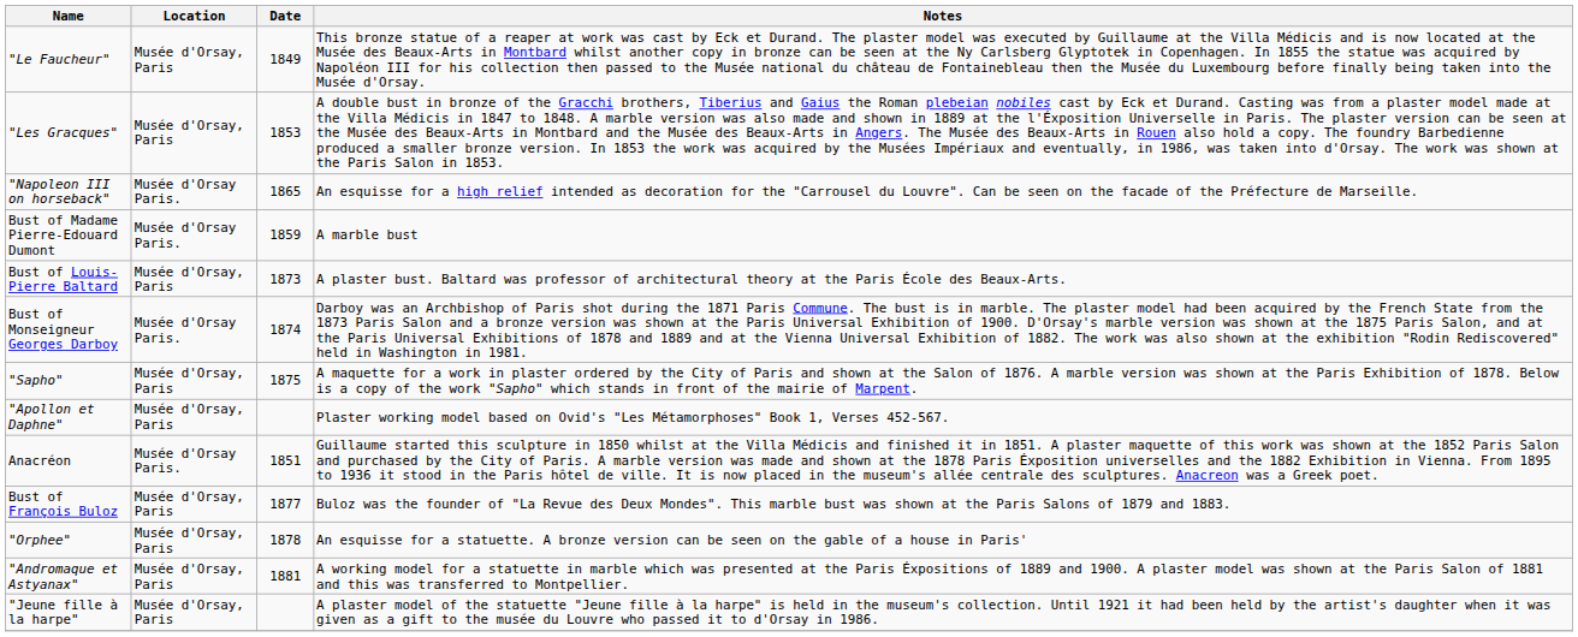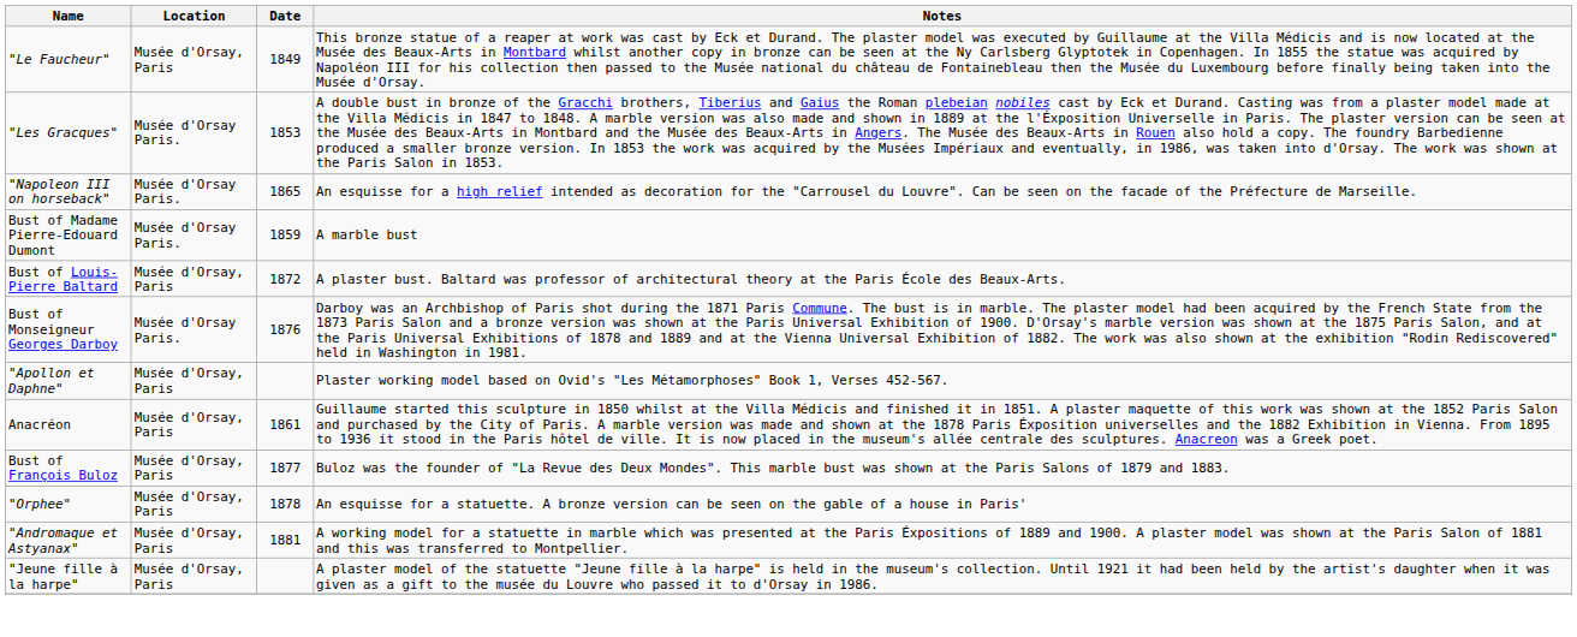 <table class="wikitable sortable plainrowheaders">
 <tr>
 <th style="width:120px">Name</th>
 <th style="width:120px">Location</th>
 <th style="width:50px">Date</th>
 <th class="unsortable">Notes</th>
 </tr>
 <tr>
 <td><em>"Le Faucheur"</em></td>
 <td>Musée d'Orsay, Paris</td>
 <td align="center">1849</td>
 <td>This bronze statue of a reaper at work was cast by Eck et Durand. The plaster model was executed by Guillaume at the Villa Médicis and is now located at the Musée des Beaux-Arts in <a href='#'>Montbard</a> whilst another copy in bronze can be seen at the Ny Carlsberg Glyptotek in Copenhagen. In 1855 the statue was acquired by Napoléon III for his collection then passed to the Musée national du château de Fontainebleau then the Musée du Luxembourg before finally being taken into the Musée d'Orsay.<br> </td>
 </tr>
 <tr>
 <td><em>"Les Gracques"</em></td>
-<td>Musée d'Orsay, Paris</td>
+<td>Musée d'Orsay Paris.</td>
 <td align="center">1853</td>
 <td>A double bust in bronze  of the <a href='#'>Gracchi</a> brothers, <a href='#'>Tiberius</a> and <a href='#'>Gaius</a> the Roman <a href='#'>plebeian</a> <em><a href='#'>nobiles</a></em> cast by Eck et Durand. Casting was from a plaster model made at the Villa Médicis in 1847 to 1848. A marble version was also made and shown in 1889 at the l'Éxposition Universelle in Paris. The plaster version can be seen at the Musée des Beaux-Arts in Montbard and the Musée des Beaux-Arts in <a href='#'>Angers</a>. The Musée des Beaux-Arts in <a href='#'>Rouen</a> also hold a copy. The foundry Barbedienne produced a smaller bronze version. In 1853 the work was acquired by the Musées Impériaux and eventually, in 1986, was taken into d'Orsay. The work was shown at the Paris Salon in 1853.<br> </td>
 </tr>
 <tr>
 <td><em>"Napoleon III on horseback"</em></td>
 <td>Musée d'Orsay Paris.</td>
 <td align="center">1865</td>
 <td>An esquisse for a <a href='#'>high relief</a> intended as decoration for the "Carrousel du Louvre". Can be seen on the facade of the Préfecture de Marseille.<br></td>
 </tr>
 <tr>
 <td>Bust of Madame Pierre-Edouard Dumont</td>
 <td>Musée d'Orsay Paris.</td>
 <td align="center">1859</td>
 <td>A marble bust</td>
 </tr>
 <tr>
 <td>Bust of <a href='#'>Louis-Pierre Baltard</a></td>
 <td>Musée d'Orsay, Paris</td>
-<td align="center">1873</td>
+<td align="center">1872</td>
 <td>A plaster bust. Baltard was professor of architectural theory at the Paris École des Beaux-Arts.</td>
 </tr>
 <tr>
 <td>Bust of Monseigneur <a href='#'>Georges Darboy</a></td>
 <td>Musée d'Orsay Paris.</td>
-<td align="center">1874</td>
+<td align="center">1876</td>
 <td>Darboy was an Archbishop of Paris shot during the 1871 Paris <a href='#'>Commune</a>. The bust is in marble. The plaster model had been acquired by the French State from the 1873 Paris Salon and a bronze version was shown at the Paris Universal Exhibition of 1900. D'Orsay's marble version was shown at the 1875 Paris Salon, and at the Paris Universal Exhibitions of 1878 and 1889 and at the Vienna Universal Exhibition of 1882. The work was also shown at the exhibition "Rodin Rediscovered" held in Washington in 1981.<br></td>
-</tr>
-<tr>
-<td><em>"Sapho"</em></td>
-<td>Musée d'Orsay, Paris</td>
-<td align="center">1875</td>
-<td>A maquette for a work in plaster ordered by the City of Paris and shown at the Salon of 1876. A marble version was shown at the Paris Exhibition of 1878. Below is a copy of the work <em>"Sapho"</em> which stands in front of the mairie of <a href='#'>Marpent</a>.<br> </td>
 </tr>
 <tr>
 <td><em>"Apollon et Daphne"</em></td>
 <td>Musée d'Orsay, Paris</td>
 <td align="center"></td>
 <td>Plaster working model based on Ovid's "Les Métamorphoses" Book 1, Verses 452-567.<br> </td>
 </tr>
 <tr>
 <td>Anacréon</td>
-<td>Musée d'Orsay Paris.</td>
-<td align="center">1851</td>
+<td>Musée d'Orsay, Paris</td>
+<td align="center">1861</td>
 <td>Guillaume started this sculpture in 1850 whilst at the Villa Médicis and finished it in 1851. A plaster maquette of this work was shown at the 1852 Paris Salon and purchased by the City of Paris. A marble version was made and shown at the 1878 Paris Éxposition universelles and the 1882 Exhibition in Vienna.  From 1895 to 1936 it stood in the Paris hôtel de ville.  It is now placed in the museum's allée centrale des sculptures. <a href='#'>Anacreon</a> was a Greek poet.<br> </td>
 </tr>
 <tr>
 <td>Bust of <a href='#'>François Buloz</a></td>
 <td>Musée d'Orsay, Paris</td>
 <td align="center">1877</td>
 <td>Buloz was the founder of "La Revue des Deux Mondes". This marble bust was shown at the Paris Salons of 1879 and 1883.<br></td>
 </tr>
 <tr>
 <td><em>"Orphee"</em></td>
 <td>Musée d'Orsay, Paris</td>
 <td align="center">1878</td>
 <td>An esquisse for a statuette.  A bronze version can be seen on the gable of a house in Paris'</td>
 </tr>
 <tr>
 <td><em>"Andromaque et Astyanax"</em></td>
 <td>Musée d'Orsay, Paris</td>
 <td align="center">1881</td>
 <td>A working model for a statuette in marble which was presented at the Paris Éxpositions of 1889 and 1900. A plaster model was shown at the Paris Salon of 1881 and this was transferred to Montpellier.<br> </td>
 </tr>
 <tr>
 <td>"Jeune fille à la harpe"</td>
 <td>Musée d'Orsay, Paris</td>
 <td align="center"></td>
 <td>A plaster model of the statuette "Jeune fille à la harpe" is held in the museum's collection. Until 1921 it had been held by the artist's daughter when it was given as a gift to the musée du Louvre who passed it to d'Orsay in 1986.<br></td>
 </tr>
 <tr>
 </tr>
 </table>
